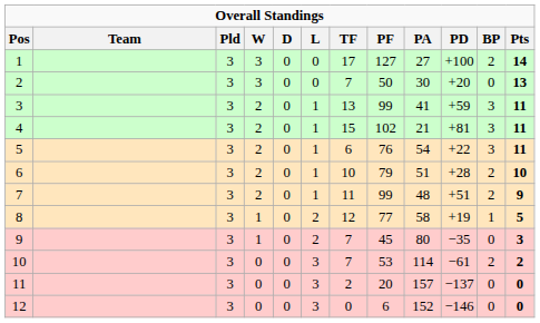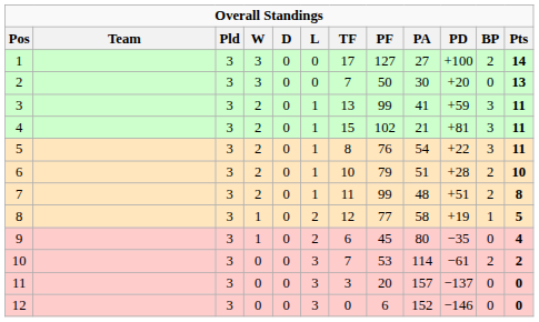 <table class="wikitable" style="text-align: center">
 <tr>
 <td colspan=15><strong>Overall Standings</strong></td>
 </tr>
 <tr>
 <th style="width:25px">Pos</th>
 <th style="width:200px">Team</th>
 <th style="width:25px">Pld</th>
 <th style="width:25px">W</th>
 <th style="width:25px">D</th>
 <th style="width:25px">L</th>
 <th style="width:35px">TF</th>
 <th style="width:35px">PF</th>
 <th style="width:35px">PA</th>
 <th style="width:28px">PD</th>
 <th style="width:25px">BP</th>
 <th style="width:25px">Pts<br></th>
 </tr>
 <tr style="background:#ccffcc">
 <td>1</td>
 <td align=left></td>
 <td>3</td>
 <td>3</td>
 <td>0</td>
 <td>0</td>
 <td>17</td>
 <td>127</td>
 <td>27</td>
 <td>+100</td>
 <td>2</td>
 <td><strong>14</strong></td>
 </tr>
 <tr style="background:#ccffcc">
 <td>2</td>
 <td align=left></td>
 <td>3</td>
 <td>3</td>
 <td>0</td>
 <td>0</td>
 <td>7</td>
 <td>50</td>
 <td>30</td>
 <td>+20</td>
 <td>0</td>
 <td><strong>13</strong></td>
 </tr>
 <tr style="background:#ccffcc">
 <td>3</td>
 <td align=left></td>
 <td>3</td>
 <td>2</td>
 <td>0</td>
 <td>1</td>
 <td>13</td>
 <td>99</td>
 <td>41</td>
 <td>+59</td>
 <td>3</td>
 <td><strong>11</strong></td>
 </tr>
 <tr style="background:#ccffcc">
 <td>4</td>
 <td align=left></td>
 <td>3</td>
 <td>2</td>
 <td>0</td>
 <td>1</td>
 <td>15</td>
 <td>102</td>
 <td>21</td>
 <td>+81</td>
 <td>3</td>
 <td><strong>11</strong></td>
 </tr>
 <tr style="background:#ffe6bd">
 <td>5</td>
 <td align=left></td>
 <td>3</td>
 <td>2</td>
 <td>0</td>
 <td>1</td>
-<td>6</td>
+<td>8</td>
 <td>76</td>
 <td>54</td>
 <td>+22</td>
 <td>3</td>
 <td><strong>11</strong></td>
 </tr>
 <tr style="background:#ffe6bd">
 <td>6</td>
 <td align=left></td>
 <td>3</td>
 <td>2</td>
 <td>0</td>
 <td>1</td>
 <td>10</td>
 <td>79</td>
 <td>51</td>
 <td>+28</td>
 <td>2</td>
 <td><strong>10</strong></td>
 </tr>
 <tr style="background:#ffe6bd">
 <td>7</td>
 <td align=left></td>
 <td>3</td>
 <td>2</td>
 <td>0</td>
 <td>1</td>
 <td>11</td>
 <td>99</td>
 <td>48</td>
 <td>+51</td>
 <td>2</td>
-<td><strong>9</strong></td>
+<td><strong>8</strong></td>
 </tr>
 <tr style="background:#ffe6bd">
 <td>8</td>
 <td align=left></td>
 <td>3</td>
 <td>1</td>
 <td>0</td>
 <td>2</td>
 <td>12</td>
 <td>77</td>
 <td>58</td>
 <td>+19</td>
 <td>1</td>
 <td><strong>5</strong></td>
 </tr>
 <tr style="background:#fcc">
 <td>9</td>
 <td align=left></td>
 <td>3</td>
 <td>1</td>
 <td>0</td>
 <td>2</td>
-<td>7</td>
+<td>6</td>
 <td>45</td>
 <td>80</td>
 <td>−35</td>
 <td>0</td>
-<td><strong>3</strong></td>
+<td><strong>4</strong></td>
 </tr>
 <tr style="background:#fcc">
 <td>10</td>
 <td align=left></td>
 <td>3</td>
 <td>0</td>
 <td>0</td>
 <td>3</td>
 <td>7</td>
 <td>53</td>
 <td>114</td>
 <td>−61</td>
 <td>2</td>
 <td><strong>2</strong></td>
 </tr>
 <tr style="background:#fcc">
 <td>11</td>
 <td align=left></td>
 <td>3</td>
 <td>0</td>
 <td>0</td>
 <td>3</td>
-<td>2</td>
+<td>3</td>
 <td>20</td>
 <td>157</td>
 <td>−137</td>
 <td>0</td>
 <td><strong>0</strong></td>
 </tr>
 <tr style="background:#fcc">
 <td>12</td>
 <td align=left></td>
 <td>3</td>
 <td>0</td>
 <td>0</td>
 <td>3</td>
 <td>0</td>
 <td>6</td>
 <td>152</td>
 <td>−146</td>
 <td>0</td>
 <td><strong>0</strong></td>
 </tr>
 </table>
